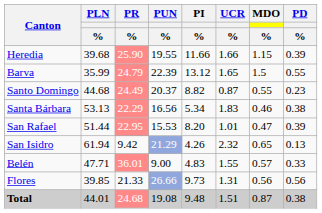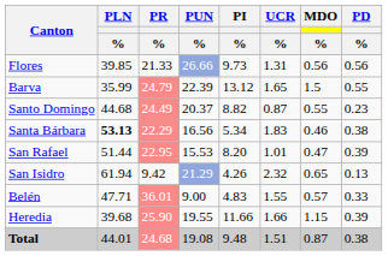 <table class="wikitable mw-collapsible mw-collapsed">
 <tr>
 <th rowspan="3"><a href='#'>Canton</a></th>
 <th colspan="1" width="40px"><a href='#'>PLN</a></th>
 <th colspan="1" width="40px"><a href='#'>PR</a></th>
 <th colspan="1" width="40px"><a href='#'>PUN</a></th>
 <th colspan="1" width="40px">PI</th>
 <th colspan="1" width="40px"><a href='#'>UCR</a></th>
 <th colspan="1" width="40px">MDO</th>
 <th colspan="1" width="40px"><a href='#'>PD</a></th>
 </tr>
 <tr>
 <th style="background:"></th>
 <th style="background:"></th>
 <th style="background:"></th>
 <th style="background:"></th>
 <th style="background:"></th>
 <th style="background:yellow"></th>
 <th style="background:"></th>
 </tr>
 <tr>
 <th data-sort-type="number">%</th>
 <th data-sort-type="number">%</th>
 <th data-sort-type="number">%</th>
 <th data-sort-type="number">%</th>
 <th data-sort-type="number">%</th>
 <th data-sort-type="number">%</th>
 <th data-sort-type="number">%</th>
 </tr>
 <tr>
-<td align="left"><a href='#'>Heredia</a></td>
-<td style="background:">39.68</td>
-<td style="background:#ff8989; color:white;">25.90</td>
-<td>19.55</td>
-<td>11.66</td>
-<td>1.66</td>
-<td>1.15</td>
-<td>0.39</td>
+<td align="left"><a href='#'>Flores</a></td>
+<td style="background:">39.85</td>
+<td>21.33</td>
+<td style="background:#8fa7dc; color:white;">26.66</td>
+<td>9.73</td>
+<td>1.31</td>
+<td>0.56</td>
+<td>0.56</td>
 </tr>
 <tr>
 <td align="left"><a href='#'>Barva</a></td>
 <td style="background:">35.99</td>
 <td style="background:#ff8989; color:white;">24.79</td>
 <td>22.39</td>
 <td>13.12</td>
 <td>1.65</td>
 <td>1.5</td>
 <td>0.55</td>
 </tr>
 <tr>
 <td align="left"><a href='#'>Santo Domingo</a></td>
 <td style="background:">44.68</td>
 <td style="background:#ff8989; color:white;">24.49</td>
 <td>20.37</td>
 <td>8.82</td>
 <td>0.87</td>
 <td>0.55</td>
 <td>0.23</td>
 </tr>
 <tr>
 <td align="left"><a href='#'>Santa Bárbara</a></td>
-<td style="background:">53.13</td>
+<td style="background:"><strong>53.13</strong></td>
 <td style="background:#ff8989; color:white;">22.29</td>
 <td>16.56</td>
 <td>5.34</td>
 <td>1.83</td>
 <td>0.46</td>
 <td>0.38</td>
 </tr>
 <tr>
 <td align="left"><a href='#'>San Rafael</a></td>
 <td style="background:">51.44</td>
 <td style="background:#ff8989; color:white;">22.95</td>
 <td>15.53</td>
 <td>8.20</td>
 <td>1.01</td>
 <td>0.47</td>
 <td>0.39</td>
 </tr>
 <tr>
 <td align="left"><a href='#'>San Isidro</a></td>
 <td style="background:">61.94</td>
 <td>9.42</td>
 <td style="background:#8fa7dc; color:white;">21.29</td>
 <td>4.26</td>
 <td>2.32</td>
 <td>0.65</td>
 <td>0.13</td>
 </tr>
 <tr>
 <td align="left"><a href='#'>Belén</a></td>
 <td style="background:">47.71</td>
 <td style="background:#ff8989; color:white;">36.01</td>
 <td>9.00</td>
 <td>4.83</td>
 <td>1.55</td>
 <td>0.57</td>
 <td>0.33</td>
 </tr>
 <tr>
-<td align="left"><a href='#'>Flores</a></td>
-<td style="background:">39.85</td>
-<td>21.33</td>
-<td style="background:#8fa7dc; color:white;">26.66</td>
-<td>9.73</td>
-<td>1.31</td>
-<td>0.56</td>
-<td>0.56</td>
+<td align="left"><a href='#'>Heredia</a></td>
+<td style="background:">39.68</td>
+<td style="background:#ff8989; color:white;">25.90</td>
+<td>19.55</td>
+<td>11.66</td>
+<td>1.66</td>
+<td>1.15</td>
+<td>0.39</td>
 </tr>
 <tr style="background:#CDCDCD;">
 <td align="left"><strong>Total</strong></td>
 <td style="background:">44.01</td>
 <td style="background:#ff8989; color:white;">24.68</td>
 <td>19.08</td>
 <td>9.48</td>
 <td>1.51</td>
 <td>0.87</td>
 <td>0.38</td>
 </tr>
 </table>
